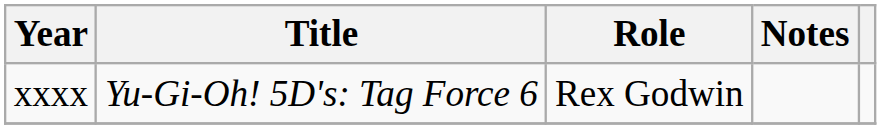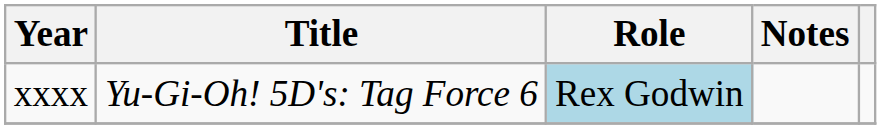 <table class="wikitable">
 <tr>
 <th>Year</th>
 <th>Title</th>
 <th>Role</th>
 <th>Notes</th>
 <th></th>
 </tr>
 <tr>
 <td>xxxx</td>
 <td><em>Yu-Gi-Oh! 5D's: Tag Force 6</em></td>
-<td>Rex Godwin</td>
+<td style="background: lightblue;">Rex Godwin</td>
 <td></td>
 <td></td>
 </tr>
 <tr>
 </tr>
 </table>
